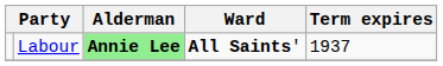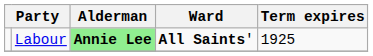 <table class="wikitable">
 <tr>
 <th colspan="2">Party</th>
 <th>Alderman</th>
 <th>Ward</th>
 <th>Term expires</th>
 </tr>
 <tr>
 <td style="background-color:"></td>
 <td><a href='#'>Labour</a></td>
 <td style="background: lightgreen;"><strong>Annie Lee</strong></td>
 <td><strong>All Saints</strong>'</td>
-<td>1937</td>
+<td>1925</td>
 </tr>
 <tr>
 </tr>
 </table>
